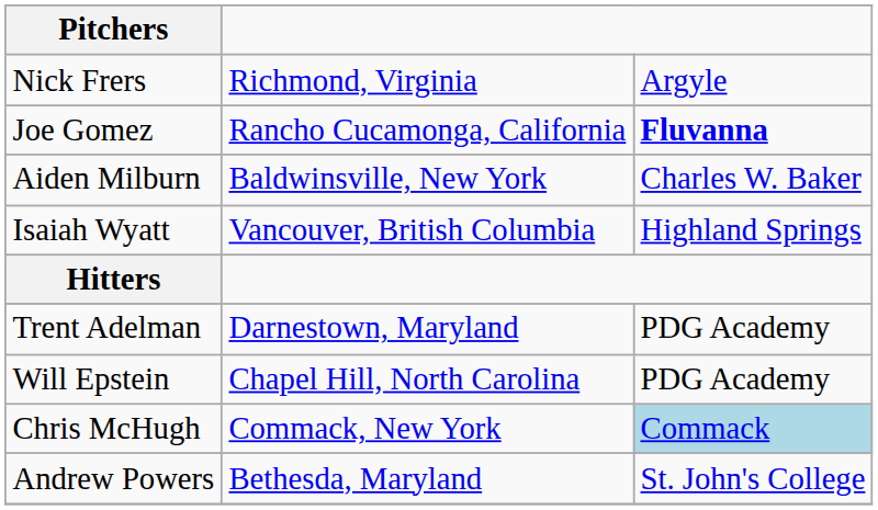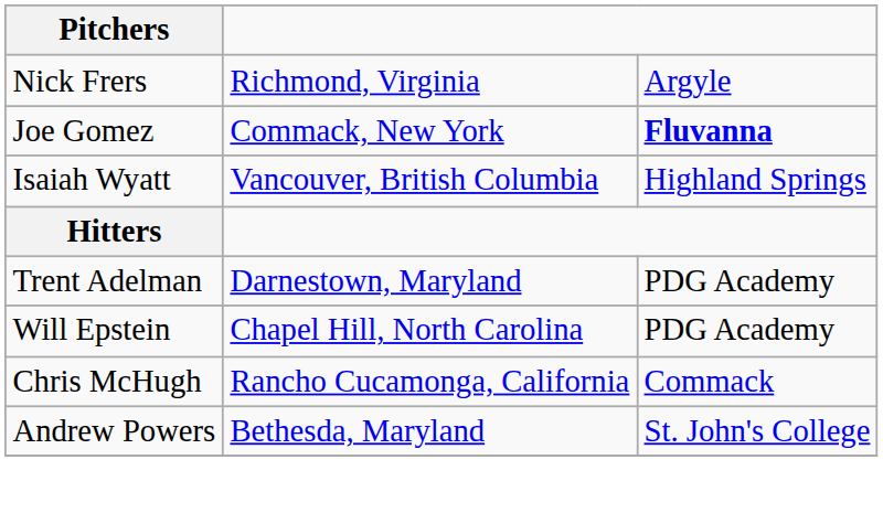 <table class="wikitable">
 <tr>
 <th>Pitchers</th>
 </tr>
 <tr>
 <td>Nick Frers</td>
 <td><a href='#'>Richmond, Virginia</a></td>
 <td><a href='#'>Argyle</a></td>
 </tr>
 <tr>
 <td>Joe Gomez</td>
-<td><a href='#'>Rancho Cucamonga, California</a></td>
+<td><a href='#'>Commack, New York</a></td>
 <td><strong><a href='#'>Fluvanna</a></strong></td>
-</tr>
-<tr>
-<td>Aiden Milburn</td>
-<td><a href='#'>Baldwinsville, New York</a></td>
-<td><a href='#'>Charles W. Baker</a></td>
 </tr>
 <tr>
 <td>Isaiah Wyatt</td>
 <td><a href='#'>Vancouver, British Columbia</a></td>
 <td><a href='#'>Highland Springs</a></td>
 </tr>
 <tr>
 <th>Hitters</th>
 </tr>
 <tr>
 <td>Trent Adelman</td>
 <td><a href='#'>Darnestown, Maryland</a></td>
 <td>PDG Academy</td>
 </tr>
 <tr>
 <td>Will Epstein</td>
 <td><a href='#'>Chapel Hill, North Carolina</a></td>
 <td>PDG Academy</td>
 </tr>
 <tr>
 <td>Chris McHugh</td>
-<td><a href='#'>Commack, New York</a></td>
-<td style="background: lightblue;"><a href='#'>Commack</a></td>
+<td><a href='#'>Rancho Cucamonga, California</a></td>
+<td><a href='#'>Commack</a></td>
 </tr>
 <tr>
 <td>Andrew Powers</td>
 <td><a href='#'>Bethesda, Maryland</a></td>
 <td><a href='#'>St. John's College</a></td>
 </tr>
 <tr>
 </tr>
 </table>
